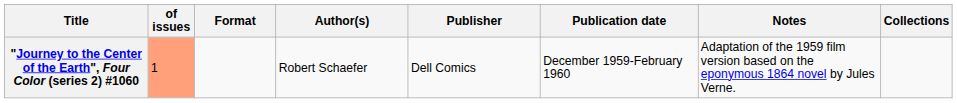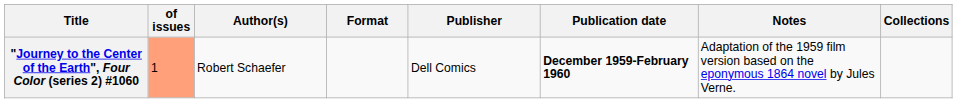 <table class="wikitable">
 <tr>
 <th>Title</th>
 <th style="width:40pt"> of issues</th>
+<th style="width:125pt">Author(s)</th>
 <th style="width:75pt">Format</th>
-<th style="width:125pt">Author(s)</th>
 <th style="width:125pt">Publisher</th>
 <th style="width:150pt">Publication date</th>
 <th style="width:175pt">Notes</th>
 <th>Collections</th>
 </tr>
 <tr>
 <th>"<a href='#'>Journey to the Center of the Earth</a>", <em>Four Color</em> (series 2) #1060</th>
 <td style="background: lightsalmon;">1</td>
+<td>Robert Schaefer</td>
 <td></td>
-<td>Robert Schaefer</td>
 <td>Dell Comics</td>
-<td>December 1959-February 1960</td>
+<td><strong>December 1959-February 1960</strong></td>
 <td>Adaptation of the 1959 film version based on the <a href='#'>eponymous 1864 novel</a> by Jules Verne.</td>
 <td></td>
 </tr>
 </table>
